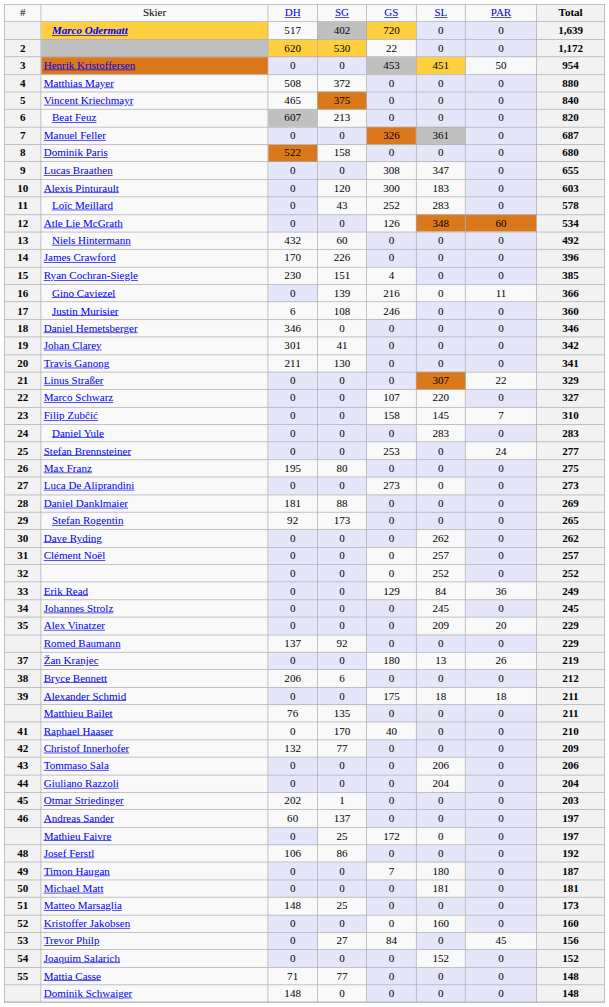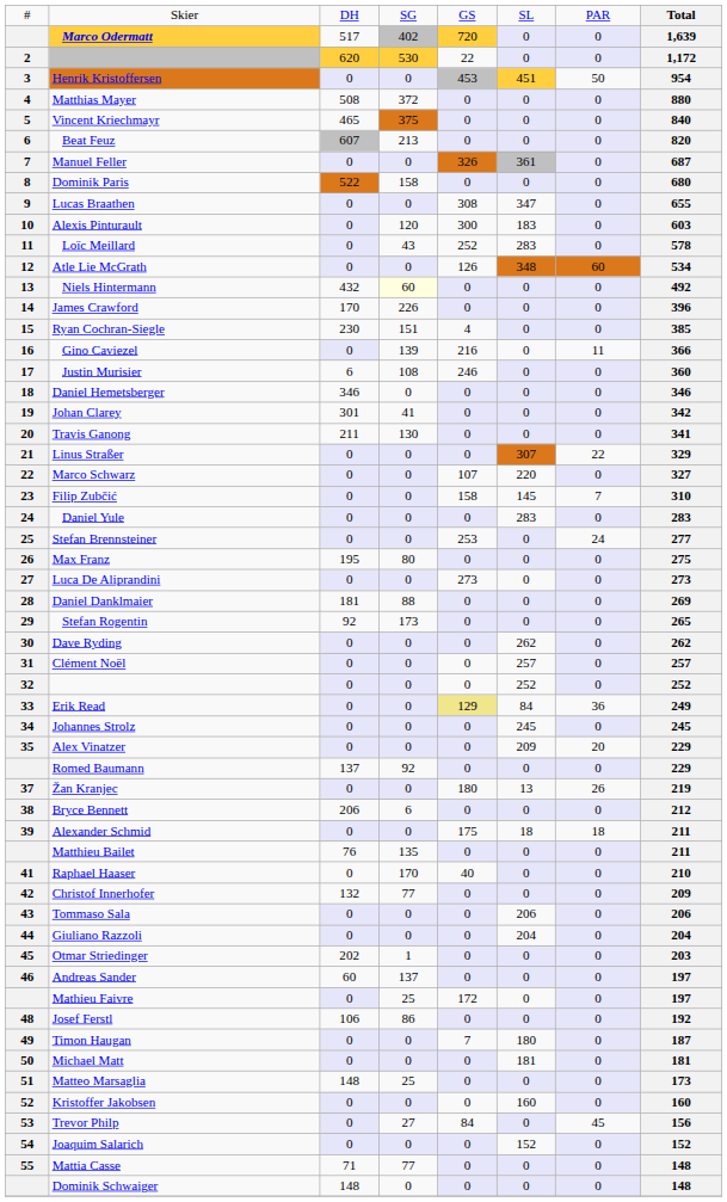 <table class="wikitable" width=55% style="font-size:100%; text-align:center;">
 <tr>
 <td>#</td>
 <td>Skier</td>
 <td><a href='#'>DH</a><br></td>
 <td><a href='#'>SG</a><br></td>
 <td><a href='#'>GS</a><br></td>
 <td><a href='#'>SL</a><br></td>
 <td> <a href='#'>PAR</a> <br></td>
 <th>Total</th>
 </tr>
 <tr>
 <th></th>
 <td align=left bgcolor=ffcf40>   <strong><em><a href='#'>Marco Odermatt</a></em></strong></td>
 <td>517</td>
 <td bgcolor=c0c0c0>402</td>
 <td bgcolor=ffcf40>720</td>
 <td bgcolor=lavender>0</td>
 <td bgcolor=lavender>0</td>
 <th>1,639</th>
 </tr>
 <tr>
 <th>2</th>
 <td align=left bgcolor=c0c0c0></td>
 <td bgcolor=ffcf40>620</td>
 <td bgcolor=ffcf40>530</td>
 <td>22</td>
 <td bgcolor=lavender>0</td>
 <td bgcolor=lavender>0</td>
 <th>1,172</th>
 </tr>
 <tr>
 <th>3</th>
 <td align=left bgcolor=db781b> <a href='#'>Henrik Kristoffersen</a></td>
 <td bgcolor=lavender>0</td>
 <td bgcolor=lavender>0</td>
 <td bgcolor=c0c0c0>453</td>
 <td bgcolor=ffcf40>451</td>
 <td>50</td>
 <th>954</th>
 </tr>
 <tr>
 <th>4</th>
 <td align=left> <a href='#'>Matthias Mayer</a></td>
 <td>508</td>
 <td>372</td>
 <td bgcolor=lavender>0</td>
 <td bgcolor=lavender>0</td>
 <td bgcolor=lavender>0</td>
 <th>880</th>
 </tr>
 <tr>
 <th>5</th>
 <td align=left> <a href='#'>Vincent Kriechmayr</a></td>
 <td>465</td>
 <td bgcolor=db781b>375</td>
 <td bgcolor=lavender>0</td>
 <td bgcolor=lavender>0</td>
 <td bgcolor=lavender>0</td>
 <th>840</th>
 </tr>
 <tr>
 <th>6</th>
 <td align=left>   <a href='#'>Beat Feuz</a></td>
 <td bgcolor=c0c0c0>607</td>
 <td>213</td>
 <td bgcolor=lavender>0</td>
 <td bgcolor=lavender>0</td>
 <td bgcolor=lavender>0</td>
 <th>820</th>
 </tr>
 <tr>
 <th>7</th>
 <td align=left> <a href='#'>Manuel Feller</a></td>
 <td bgcolor=lavender>0</td>
 <td bgcolor=lavender>0</td>
 <td bgcolor=db781b>326</td>
 <td bgcolor=c0c0c0>361</td>
 <td bgcolor=lavender>0</td>
 <th>687</th>
 </tr>
 <tr>
 <th>8</th>
 <td align=left> <a href='#'>Dominik Paris</a></td>
 <td bgcolor=db781b>522</td>
 <td>158</td>
 <td bgcolor=lavender>0</td>
 <td bgcolor=lavender>0</td>
 <td bgcolor=lavender>0</td>
 <th>680</th>
 </tr>
 <tr>
 <th>9</th>
 <td align=left> <a href='#'>Lucas Braathen</a></td>
 <td bgcolor=lavender>0</td>
 <td bgcolor=lavender>0</td>
 <td>308</td>
 <td>347</td>
 <td bgcolor=lavender>0</td>
 <th>655</th>
 </tr>
 <tr>
 <th>10</th>
 <td align=left> <a href='#'>Alexis Pinturault</a></td>
 <td bgcolor=lavender>0</td>
 <td>120</td>
 <td>300</td>
 <td>183</td>
 <td bgcolor=lavender>0</td>
 <th>603</th>
 </tr>
 <tr>
 <th>11</th>
 <td align=left>   <a href='#'>Loïc Meillard</a></td>
 <td bgcolor=lavender>0</td>
 <td>43</td>
 <td>252</td>
 <td>283</td>
 <td bgcolor=lavender>0</td>
 <th>578</th>
 </tr>
 <tr>
 <th>12</th>
 <td align=left> <a href='#'>Atle Lie McGrath</a></td>
 <td bgcolor=lavender>0</td>
 <td bgcolor=lavender>0</td>
 <td>126</td>
 <td bgcolor=db781b>348</td>
 <td bgcolor=db781b>60</td>
 <th>534</th>
 </tr>
 <tr>
 <th>13</th>
 <td align=left>   <a href='#'>Niels Hintermann</a></td>
 <td>432</td>
-<td>60</td>
+<td style="background: lightyellow;">60</td>
 <td bgcolor=lavender>0</td>
 <td bgcolor=lavender>0</td>
 <td bgcolor=lavender>0</td>
 <th>492</th>
 </tr>
 <tr>
 <th>14</th>
 <td align=left> <a href='#'>James Crawford</a></td>
 <td>170</td>
 <td>226</td>
 <td bgcolor=lavender>0</td>
 <td bgcolor=lavender>0</td>
 <td bgcolor=lavender>0</td>
 <th>396</th>
 </tr>
 <tr>
 <th>15</th>
 <td align=left> <a href='#'>Ryan Cochran-Siegle</a></td>
 <td>230</td>
 <td>151</td>
 <td>4</td>
 <td bgcolor=lavender>0</td>
 <td bgcolor=lavender>0</td>
 <th>385</th>
 </tr>
 <tr>
 <th>16</th>
 <td align=left>   <a href='#'>Gino Caviezel</a></td>
 <td bgcolor=lavender>0</td>
 <td>139</td>
 <td>216</td>
 <td>0</td>
 <td>11</td>
 <th>366</th>
 </tr>
 <tr>
 <th>17</th>
 <td align=left>   <a href='#'>Justin Murisier</a></td>
 <td>6</td>
 <td>108</td>
 <td>246</td>
 <td bgcolor=lavender>0</td>
 <td bgcolor=lavender>0</td>
 <th>360</th>
 </tr>
 <tr>
 <th>18</th>
 <td align=left> <a href='#'>Daniel Hemetsberger</a></td>
 <td>346</td>
 <td>0</td>
 <td bgcolor=lavender>0</td>
 <td bgcolor=lavender>0</td>
 <td bgcolor=lavender>0</td>
 <th>346</th>
 </tr>
 <tr>
 <th>19</th>
 <td align=left> <a href='#'>Johan Clarey</a></td>
 <td>301</td>
 <td>41</td>
 <td bgcolor=lavender>0</td>
 <td bgcolor=lavender>0</td>
 <td bgcolor=lavender>0</td>
 <th>342</th>
 </tr>
 <tr>
 <th>20</th>
 <td align=left> <a href='#'>Travis Ganong</a></td>
 <td>211</td>
 <td>130</td>
 <td bgcolor=lavender>0</td>
 <td bgcolor=lavender>0</td>
 <td bgcolor=lavender>0</td>
 <th>341</th>
 </tr>
 <tr>
 <th>21</th>
 <td align=left> <a href='#'>Linus Straßer</a></td>
 <td bgcolor=lavender>0</td>
 <td bgcolor=lavender>0</td>
 <td bgcolor=lavender>0</td>
 <td bgcolor=db781b>307</td>
 <td>22</td>
 <th>329</th>
 </tr>
 <tr>
 <th>22</th>
 <td align=left> <a href='#'>Marco Schwarz</a></td>
 <td bgcolor=lavender>0</td>
 <td bgcolor=lavender>0</td>
 <td>107</td>
 <td>220</td>
 <td bgcolor=lavender>0</td>
 <th>327</th>
 </tr>
 <tr>
 <th>23</th>
 <td align=left> <a href='#'>Filip Zubčić</a></td>
 <td bgcolor=lavender>0</td>
 <td bgcolor=lavender>0</td>
 <td>158</td>
 <td>145</td>
 <td>7</td>
 <th>310</th>
 </tr>
 <tr>
 <th>24</th>
 <td align=left>   <a href='#'>Daniel Yule</a></td>
 <td bgcolor=lavender>0</td>
 <td bgcolor=lavender>0</td>
 <td bgcolor=lavender>0</td>
 <td>283</td>
 <td bgcolor=lavender>0</td>
 <th>283</th>
 </tr>
 <tr>
 <th>25</th>
 <td align=left> <a href='#'>Stefan Brennsteiner</a></td>
 <td bgcolor=lavender>0</td>
 <td bgcolor=lavender>0</td>
 <td>253</td>
 <td bgcolor=lavender>0</td>
 <td>24</td>
 <th>277</th>
 </tr>
 <tr>
 <th>26</th>
 <td align=left> <a href='#'>Max Franz</a></td>
 <td>195</td>
 <td>80</td>
 <td bgcolor=lavender>0</td>
 <td bgcolor=lavender>0</td>
 <td bgcolor=lavender>0</td>
 <th>275</th>
 </tr>
 <tr>
 <th>27</th>
 <td align=left> <a href='#'>Luca De Aliprandini</a></td>
 <td bgcolor=lavender>0</td>
 <td bgcolor=lavender>0</td>
 <td>273</td>
 <td>0</td>
 <td bgcolor=lavender>0</td>
 <th>273</th>
 </tr>
 <tr>
 <th>28</th>
 <td align=left> <a href='#'>Daniel Danklmaier</a></td>
 <td>181</td>
 <td>88</td>
 <td bgcolor=lavender>0</td>
 <td bgcolor=lavender>0</td>
 <td bgcolor=lavender>0</td>
 <th>269</th>
 </tr>
 <tr>
 <th>29</th>
 <td align=left>   <a href='#'>Stefan Rogentin</a></td>
 <td>92</td>
 <td>173</td>
 <td bgcolor=lavender>0</td>
 <td bgcolor=lavender>0</td>
 <td bgcolor=lavender>0</td>
 <th>265</th>
 </tr>
 <tr>
 <th>30</th>
 <td align=left> <a href='#'>Dave Ryding</a></td>
 <td bgcolor=lavender>0</td>
 <td bgcolor=lavender>0</td>
 <td bgcolor=lavender>0</td>
 <td>262</td>
 <td bgcolor=lavender>0</td>
 <th>262</th>
 </tr>
 <tr>
 <th>31</th>
 <td align=left> <a href='#'>Clément Noël</a></td>
 <td bgcolor=lavender>0</td>
 <td bgcolor=lavender>0</td>
 <td>0</td>
 <td>257</td>
 <td bgcolor=lavender>0</td>
 <th>257</th>
 </tr>
 <tr>
 <th>32</th>
 <td align=left></td>
 <td bgcolor=lavender>0</td>
 <td bgcolor=lavender>0</td>
 <td>0</td>
 <td>252</td>
 <td bgcolor=lavender>0</td>
 <th>252</th>
 </tr>
 <tr>
 <th>33</th>
 <td align=left> <a href='#'>Erik Read</a></td>
 <td bgcolor=lavender>0</td>
 <td bgcolor=lavender>0</td>
-<td>129</td>
+<td style="background: khaki;">129</td>
 <td>84</td>
 <td>36</td>
 <th>249</th>
 </tr>
 <tr>
 <th>34</th>
 <td align=left> <a href='#'>Johannes Strolz</a></td>
 <td bgcolor=lavender>0</td>
 <td bgcolor=lavender>0</td>
 <td bgcolor=lavender>0</td>
 <td>245</td>
 <td bgcolor=lavender>0</td>
 <th>245</th>
 </tr>
 <tr>
 <th>35</th>
 <td align=left> <a href='#'>Alex Vinatzer</a></td>
 <td bgcolor=lavender>0</td>
 <td bgcolor=lavender>0</td>
 <td bgcolor=lavender>0</td>
 <td>209</td>
 <td>20</td>
 <th>229</th>
 </tr>
 <tr>
 <th></th>
 <td align=left> <a href='#'>Romed Baumann</a></td>
 <td>137</td>
 <td>92</td>
 <td bgcolor=lavender>0</td>
 <td bgcolor=lavender>0</td>
 <td bgcolor=lavender>0</td>
 <th>229</th>
 </tr>
 <tr>
 <th>37</th>
 <td align=left> <a href='#'>Žan Kranjec</a></td>
 <td bgcolor=lavender>0</td>
 <td bgcolor=lavender>0</td>
 <td>180</td>
 <td>13</td>
 <td>26</td>
 <th>219</th>
 </tr>
 <tr>
 <th>38</th>
 <td align=left> <a href='#'>Bryce Bennett</a></td>
 <td>206</td>
 <td>6</td>
 <td bgcolor=lavender>0</td>
 <td bgcolor=lavender>0</td>
 <td bgcolor=lavender>0</td>
 <th>212</th>
 </tr>
 <tr>
 <th>39</th>
 <td align=left> <a href='#'>Alexander Schmid</a></td>
 <td bgcolor=lavender>0</td>
 <td bgcolor=lavender>0</td>
 <td>175</td>
 <td>18</td>
 <td>18</td>
 <th>211</th>
 </tr>
 <tr>
 <th></th>
 <td align=left> <a href='#'>Matthieu Bailet</a></td>
 <td>76</td>
 <td>135</td>
 <td bgcolor=lavender>0</td>
 <td bgcolor=lavender>0</td>
 <td bgcolor=lavender>0</td>
 <th>211</th>
 </tr>
 <tr>
 <th>41</th>
 <td align=left> <a href='#'>Raphael Haaser</a></td>
 <td>0</td>
 <td>170</td>
 <td>40</td>
 <td bgcolor=lavender>0</td>
 <td bgcolor=lavender>0</td>
 <th>210</th>
 </tr>
 <tr>
 <th>42</th>
 <td align=left> <a href='#'>Christof Innerhofer</a></td>
 <td>132</td>
 <td>77</td>
 <td bgcolor=lavender>0</td>
 <td bgcolor=lavender>0</td>
 <td bgcolor=lavender>0</td>
 <th>209</th>
 </tr>
 <tr>
 <th>43</th>
 <td align=left> <a href='#'>Tommaso Sala</a></td>
 <td bgcolor=lavender>0</td>
 <td bgcolor=lavender>0</td>
 <td bgcolor=lavender>0</td>
 <td>206</td>
 <td bgcolor=lavender>0</td>
 <th>206</th>
 </tr>
 <tr>
 <th>44</th>
 <td align=left> <a href='#'>Giuliano Razzoli</a></td>
 <td bgcolor=lavender>0</td>
 <td bgcolor=lavender>0</td>
 <td bgcolor=lavender>0</td>
 <td>204</td>
 <td bgcolor=lavender>0</td>
 <th>204</th>
 </tr>
 <tr>
 <th>45</th>
 <td align=left> <a href='#'>Otmar Striedinger</a></td>
 <td>202</td>
 <td>1</td>
 <td bgcolor=lavender>0</td>
 <td bgcolor=lavender>0</td>
 <td bgcolor=lavender>0</td>
 <th>203</th>
 </tr>
 <tr>
 <th>46</th>
 <td align=left> <a href='#'>Andreas Sander</a></td>
 <td>60</td>
 <td>137</td>
 <td bgcolor=lavender>0</td>
 <td bgcolor=lavender>0</td>
 <td bgcolor=lavender>0</td>
 <th>197</th>
 </tr>
 <tr>
 <th></th>
 <td align=left> <a href='#'>Mathieu Faivre</a></td>
 <td bgcolor=lavender>0</td>
 <td>25</td>
 <td>172</td>
 <td>0</td>
 <td bgcolor=lavender>0</td>
 <th>197</th>
 </tr>
 <tr>
 <th>48</th>
 <td align=left> <a href='#'>Josef Ferstl</a></td>
 <td>106</td>
 <td>86</td>
 <td bgcolor=lavender>0</td>
 <td bgcolor=lavender>0</td>
 <td bgcolor=lavender>0</td>
 <th>192</th>
 </tr>
 <tr>
 <th>49</th>
 <td align=left> <a href='#'>Timon Haugan</a></td>
 <td bgcolor=lavender>0</td>
 <td bgcolor=lavender>0</td>
 <td>7</td>
 <td>180</td>
 <td bgcolor=lavender>0</td>
 <th>187</th>
 </tr>
 <tr>
 <th>50</th>
 <td align=left> <a href='#'>Michael Matt</a></td>
 <td bgcolor=lavender>0</td>
 <td bgcolor=lavender>0</td>
 <td bgcolor=lavender>0</td>
 <td>181</td>
 <td bgcolor=lavender>0</td>
 <th>181</th>
 </tr>
 <tr>
 <th>51</th>
 <td align=left> <a href='#'>Matteo Marsaglia</a></td>
 <td>148</td>
 <td>25</td>
 <td bgcolor=lavender>0</td>
 <td bgcolor=lavender>0</td>
 <td bgcolor=lavender>0</td>
 <th>173</th>
 </tr>
 <tr>
 <th>52</th>
 <td align=left> <a href='#'>Kristoffer Jakobsen</a></td>
 <td bgcolor=lavender>0</td>
 <td bgcolor=lavender>0</td>
 <td>0</td>
 <td>160</td>
 <td bgcolor=lavender>0</td>
 <th>160</th>
 </tr>
 <tr>
 <th>53</th>
 <td align=left> <a href='#'>Trevor Philp</a></td>
 <td bgcolor=lavender>0</td>
 <td>27</td>
 <td>84</td>
 <td bgcolor=lavender>0</td>
 <td>45</td>
 <th>156</th>
 </tr>
 <tr>
 <th>54</th>
 <td align=left> <a href='#'>Joaquim Salarich</a></td>
 <td bgcolor=lavender>0</td>
 <td bgcolor=lavender>0</td>
 <td bgcolor=lavender>0</td>
 <td>152</td>
 <td bgcolor=lavender>0</td>
 <th>152</th>
 </tr>
 <tr>
 <th>55</th>
 <td align=left> <a href='#'>Mattia Casse</a></td>
 <td>71</td>
 <td>77</td>
 <td bgcolor=lavender>0</td>
 <td bgcolor=lavender>0</td>
 <td bgcolor=lavender>0</td>
 <th>148</th>
 </tr>
 <tr>
 <th></th>
 <td align=left> <a href='#'>Dominik Schwaiger</a></td>
 <td>148</td>
 <td>0</td>
 <td bgcolor=lavender>0</td>
 <td bgcolor=lavender>0</td>
 <td bgcolor=lavender>0</td>
 <th>148</th>
 </tr>
 <tr>
 </tr>
 </table>
